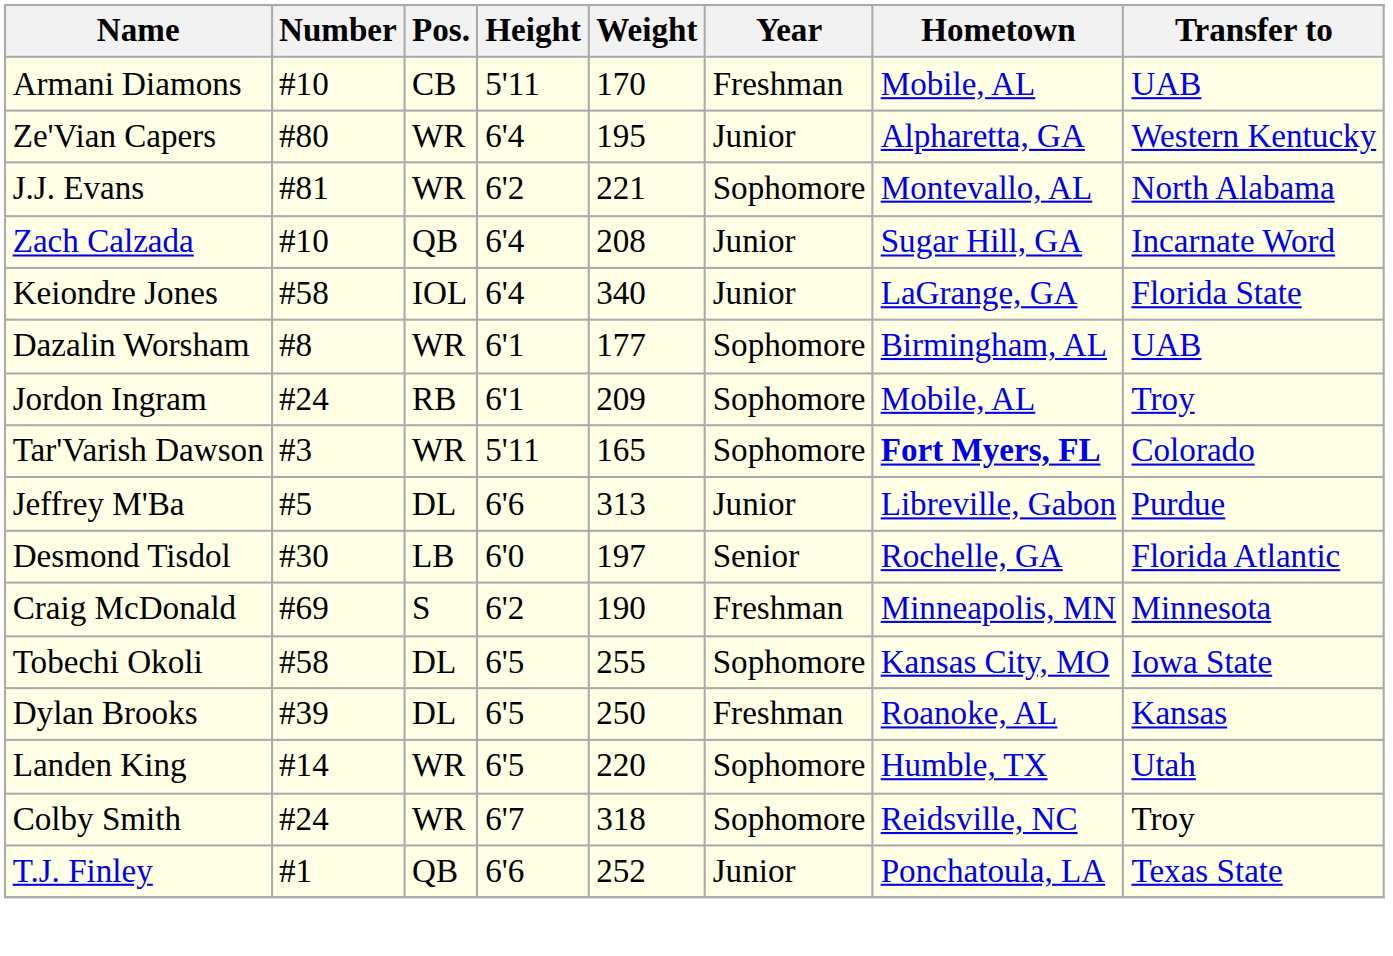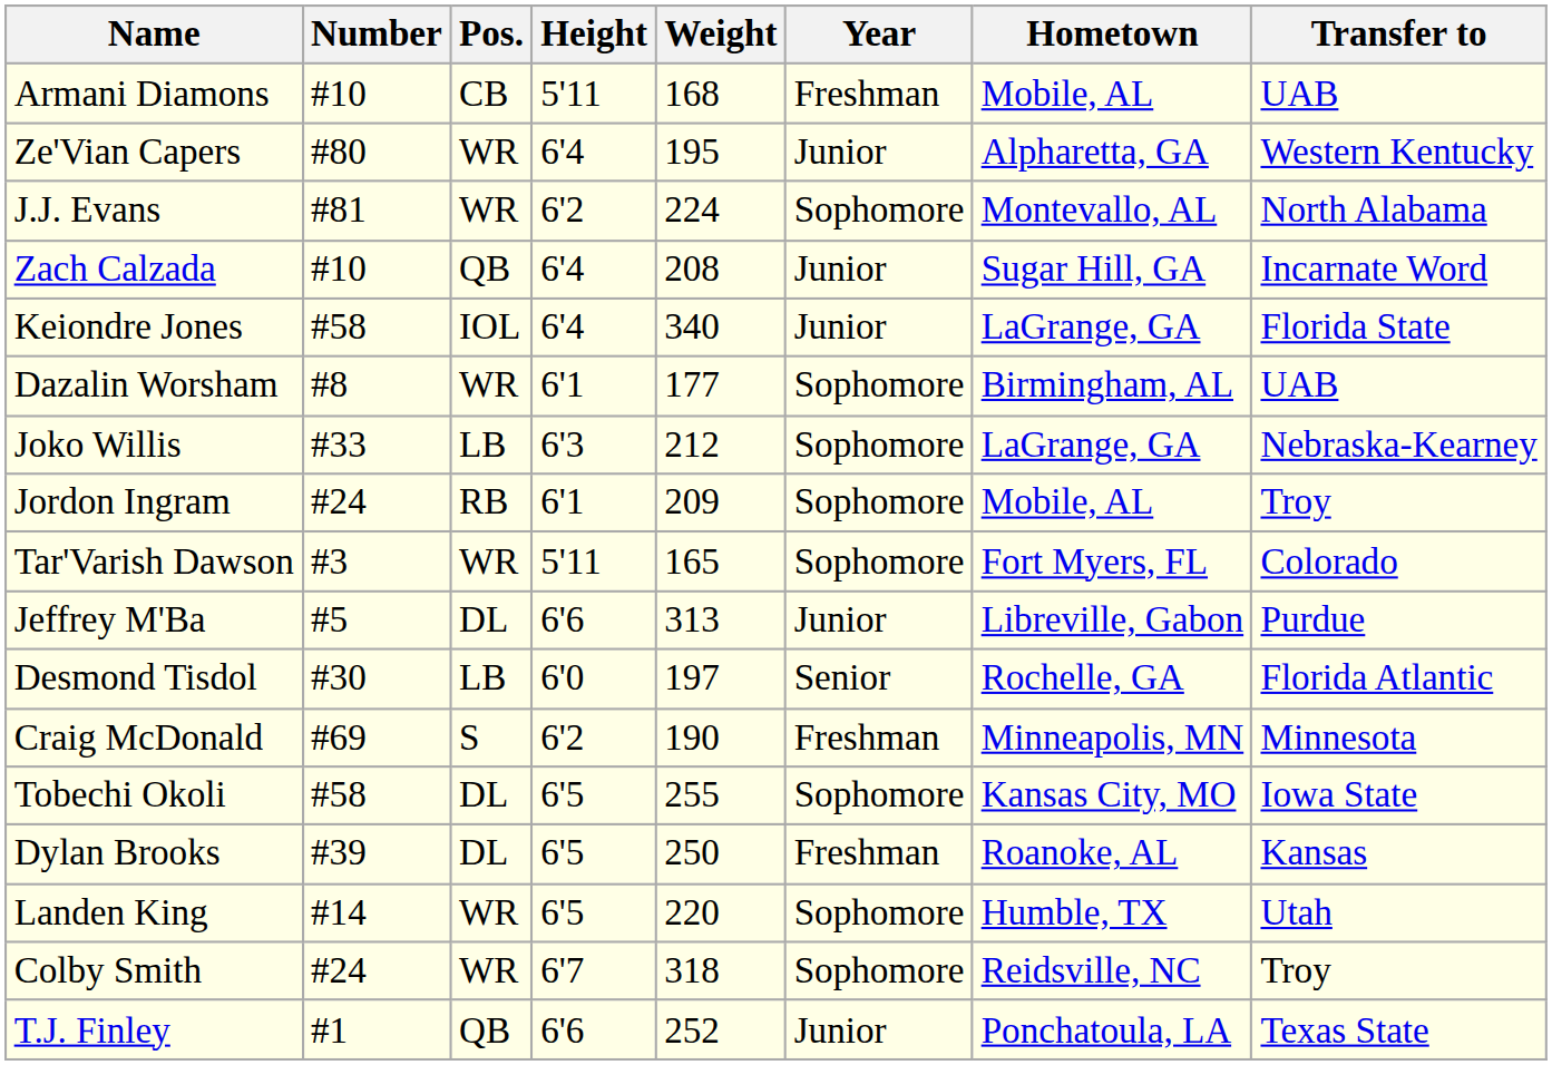 <table class="wikitable sortable">
 <tr>
 <th>Name</th>
 <th>Number</th>
 <th>Pos.</th>
 <th>Height</th>
 <th>Weight</th>
 <th>Year</th>
 <th>Hometown</th>
 <th class="unsortable">Transfer to</th>
 </tr>
 <tr style="background:#FFFFE6;">
 <td>Armani Diamons</td>
 <td>#10</td>
 <td>CB</td>
 <td>5'11</td>
-<td>170</td>
+<td>168</td>
 <td>Freshman </td>
 <td><a href='#'>Mobile, AL</a></td>
 <td><a href='#'>UAB</a></td>
 </tr>
 <tr style="background:#FFFFE6;">
 <td>Ze'Vian Capers</td>
 <td>#80</td>
 <td>WR</td>
 <td>6'4</td>
 <td>195</td>
 <td>Junior</td>
 <td><a href='#'>Alpharetta, GA</a></td>
 <td><a href='#'>Western Kentucky</a></td>
 </tr>
 <tr style="background:#FFFFE6;">
 <td>J.J. Evans</td>
 <td>#81</td>
 <td>WR</td>
 <td>6'2</td>
-<td>221</td>
+<td>224</td>
 <td>Sophomore </td>
 <td><a href='#'>Montevallo, AL</a></td>
 <td><a href='#'>North Alabama</a></td>
 </tr>
 <tr style="background:#FFFFE6;">
 <td><a href='#'>Zach Calzada</a></td>
 <td>#10</td>
 <td>QB</td>
 <td>6'4</td>
 <td>208</td>
 <td>Junior </td>
 <td><a href='#'>Sugar Hill, GA</a></td>
 <td><a href='#'>Incarnate Word</a></td>
 </tr>
 <tr style="background:#FFFFE6;">
 <td>Keiondre Jones</td>
 <td>#58</td>
 <td>IOL</td>
 <td>6'4</td>
 <td>340</td>
 <td>Junior </td>
 <td><a href='#'>LaGrange, GA</a></td>
 <td><a href='#'>Florida State</a></td>
 </tr>
 <tr style="background:#FFFFE6;">
 <td>Dazalin Worsham</td>
 <td>#8</td>
 <td>WR</td>
 <td>6'1</td>
 <td>177</td>
 <td>Sophomore </td>
 <td><a href='#'>Birmingham, AL</a></td>
 <td><a href='#'>UAB</a></td>
 </tr>
 <tr style="background:#FFFFE6;">
+<td>Joko Willis</td>
+<td>#33</td>
+<td>LB</td>
+<td>6'3</td>
+<td>212</td>
+<td>Sophomore </td>
+<td><a href='#'>LaGrange, GA</a></td>
+<td><a href='#'>Nebraska-Kearney</a></td>
+</tr>
+<tr style="background:#FFFFE6;">
 <td>Jordon Ingram</td>
 <td>#24</td>
 <td>RB</td>
 <td>6'1</td>
 <td>209</td>
 <td>Sophomore </td>
 <td><a href='#'>Mobile, AL</a></td>
 <td><a href='#'>Troy</a></td>
 </tr>
 <tr style="background:#FFFFE6;">
 <td>Tar'Varish Dawson</td>
 <td>#3</td>
 <td>WR</td>
 <td>5'11</td>
 <td>165</td>
 <td>Sophomore </td>
-<td><strong><a href='#'>Fort Myers, FL</a></strong></td>
+<td><a href='#'>Fort Myers, FL</a></td>
 <td><a href='#'>Colorado</a></td>
 </tr>
 <tr style="background:#FFFFE6;">
 <td>Jeffrey M'Ba</td>
 <td>#5</td>
 <td>DL</td>
 <td>6'6</td>
 <td>313</td>
 <td>Junior</td>
 <td><a href='#'>Libreville, Gabon</a></td>
 <td><a href='#'>Purdue</a></td>
 </tr>
 <tr style="background:#FFFFE6;">
 <td>Desmond Tisdol</td>
 <td>#30</td>
 <td>LB</td>
 <td>6'0</td>
 <td>197</td>
 <td>Senior</td>
 <td><a href='#'>Rochelle, GA</a></td>
 <td><a href='#'>Florida Atlantic</a></td>
 </tr>
 <tr style="background:#FFFFE6;">
 <td>Craig McDonald</td>
 <td>#69</td>
 <td>S</td>
 <td>6'2</td>
 <td>190</td>
 <td>Freshman </td>
 <td><a href='#'>Minneapolis, MN</a></td>
 <td><a href='#'>Minnesota</a></td>
 </tr>
 <tr style="background:#FFFFE6;">
 <td>Tobechi Okoli</td>
 <td>#58</td>
 <td>DL</td>
 <td>6'5</td>
 <td>255</td>
 <td>Sophomore </td>
 <td><a href='#'>Kansas City, MO</a></td>
 <td><a href='#'>Iowa State</a></td>
 </tr>
 <tr style="background:#FFFFE6;">
 <td>Dylan Brooks</td>
 <td>#39</td>
 <td>DL</td>
 <td>6'5</td>
 <td>250</td>
 <td>Freshman </td>
 <td><a href='#'>Roanoke, AL</a></td>
 <td><a href='#'>Kansas</a></td>
 </tr>
 <tr style="background:#FFFFE6;">
 <td>Landen King</td>
 <td>#14</td>
 <td>WR</td>
 <td>6'5</td>
 <td>220</td>
 <td>Sophomore </td>
 <td><a href='#'>Humble, TX</a></td>
 <td><a href='#'>Utah</a></td>
 </tr>
 <tr style="background:#FFFFE6;">
 <td>Colby Smith</td>
 <td>#24</td>
 <td>WR</td>
 <td>6'7</td>
 <td>318</td>
 <td>Sophomore </td>
 <td><a href='#'>Reidsville, NC</a></td>
 <td>Troy</td>
 </tr>
 <tr style="background:#FFFFE6;">
 <td><a href='#'>T.J. Finley</a></td>
 <td>#1</td>
 <td>QB</td>
 <td>6'6</td>
 <td>252</td>
 <td>Junior</td>
 <td><a href='#'>Ponchatoula, LA</a></td>
 <td><a href='#'>Texas State</a></td>
 </tr>
 <tr>
 </tr>
 </table>
